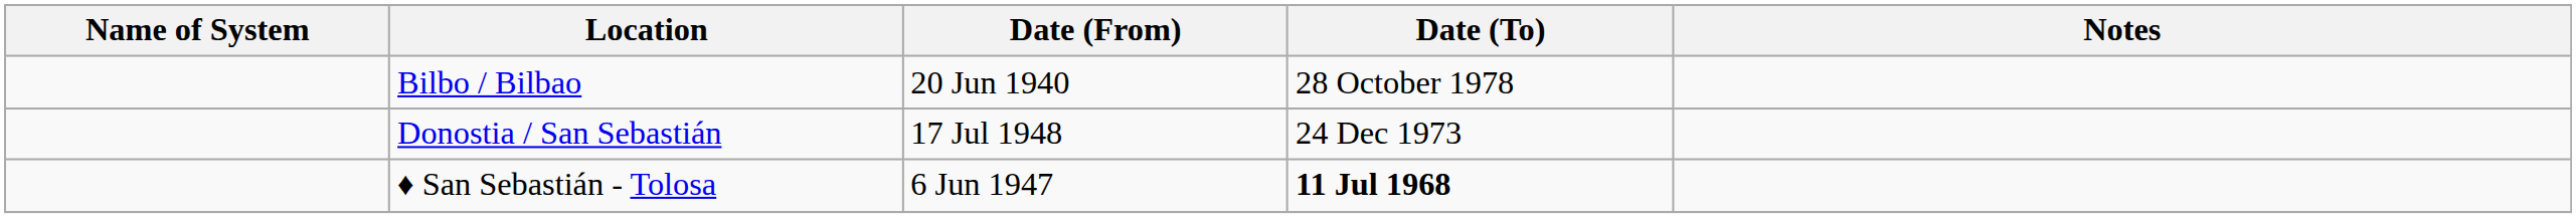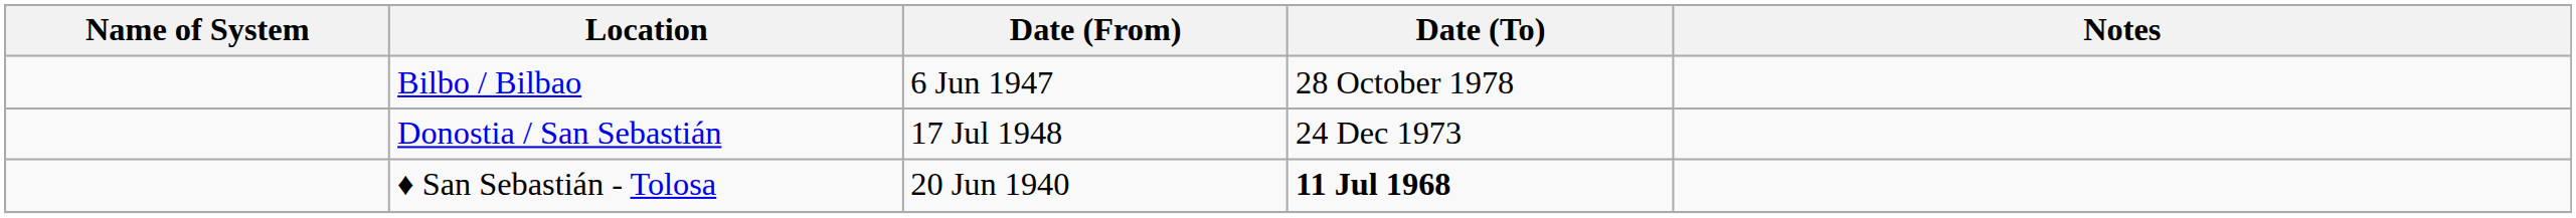 <table class="wikitable" width=100%>
 <tr>
 <th width=15%>Name of System</th>
 <th width=20%>Location</th>
 <th width=15%>Date (From)</th>
 <th width=15%>Date (To)</th>
 <th width=35%>Notes</th>
 </tr>
 <tr>
 <td> </td>
 <td><a href='#'>Bilbo / Bilbao</a></td>
-<td>20 Jun 1940</td>
+<td>6 Jun 1947</td>
 <td>28 October 1978</td>
 <td> </td>
 </tr>
 <tr>
 <td> </td>
 <td><a href='#'>Donostia / San Sebastián</a></td>
 <td>17 Jul 1948</td>
 <td>24 Dec 1973</td>
 <td> </td>
 </tr>
 <tr>
 <td> </td>
 <td>♦ San Sebastián - <a href='#'>Tolosa</a></td>
-<td>6 Jun 1947</td>
+<td>20 Jun 1940</td>
 <td><strong>11 Jul 1968</strong></td>
 <td> </td>
 </tr>
 <tr>
 </tr>
 </table>
